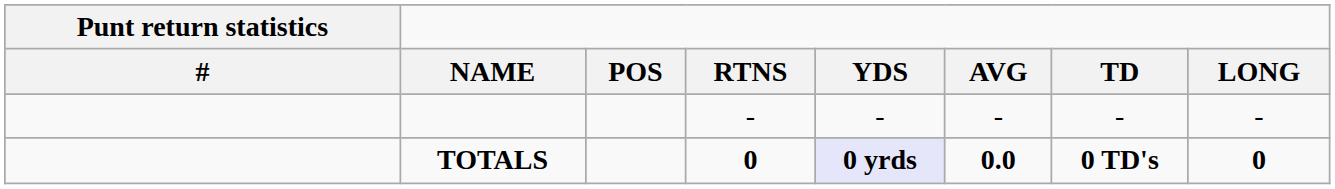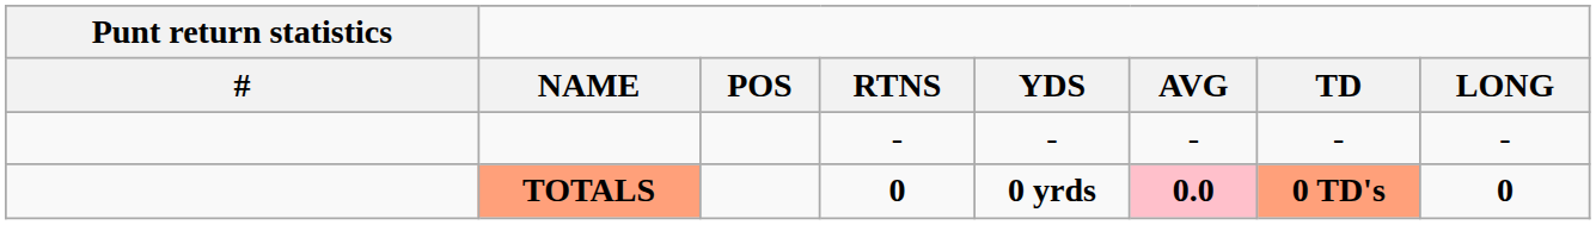 <table style="width:60%; text-align:center;" class="wikitable collapsible collapsed">
 <tr>
 <th style="text-align:center; ">Punt return statistics</th>
 </tr>
 <tr>
 <th>#</th>
 <th>NAME</th>
 <th>POS</th>
 <th>RTNS</th>
 <th>YDS</th>
 <th>AVG</th>
 <th>TD</th>
 <th>LONG</th>
 </tr>
 <tr>
 <td></td>
 <td></td>
 <td></td>
 <td>-</td>
 <td>-</td>
 <td>-</td>
 <td>-</td>
 <td>-</td>
 </tr>
 <tr>
 <td></td>
-<td><strong>TOTALS</strong></td>
+<td style="background: lightsalmon;"><strong>TOTALS</strong></td>
 <td></td>
 <td><strong>0</strong></td>
-<td style="background: lavender;"><strong>0 yrds</strong></td>
-<td><strong>0.0</strong></td>
-<td><strong>0 TD's</strong></td>
+<td><strong>0 yrds</strong></td>
+<td style="background: pink;"><strong>0.0</strong></td>
+<td style="background: lightsalmon;"><strong>0 TD's</strong></td>
 <td><strong>0</strong></td>
 </tr>
 </table>
